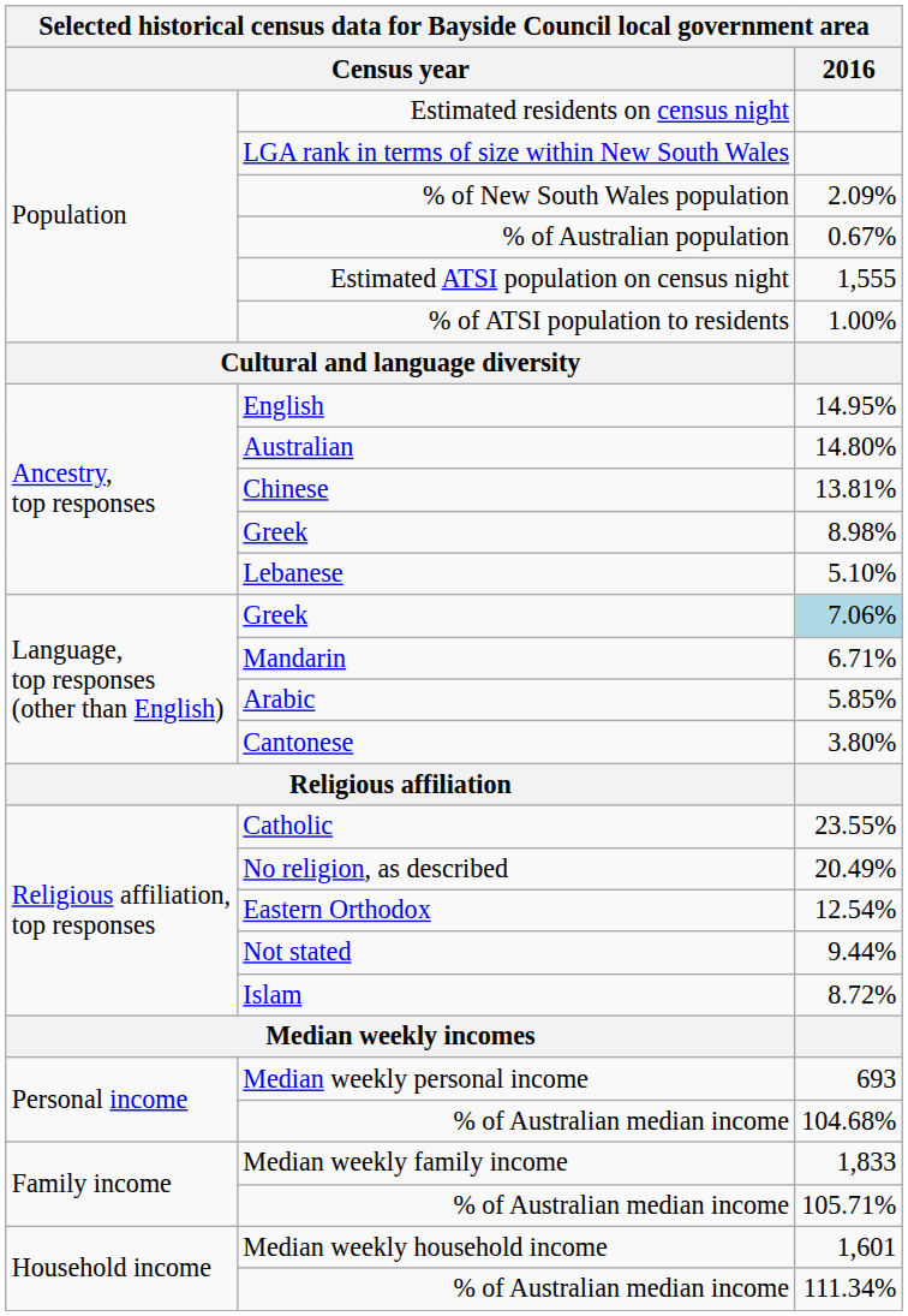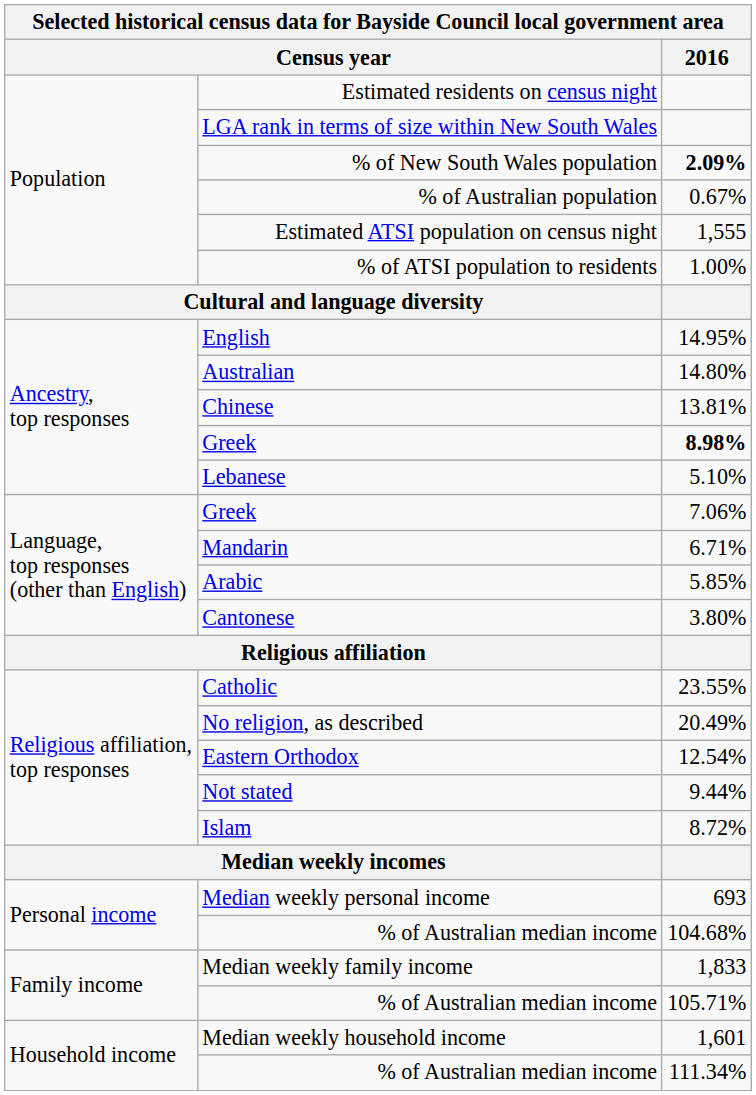 <table class="wikitable">
 <tr>
 <th colspan=6>Selected historical census data for Bayside Council local government area</th>
 </tr>
 <tr>
 <th colspan=3>Census year</th>
 <th>2016</th>
 </tr>
 <tr>
 <td rowspan=6 colspan="2">Population</td>
 <td align="right">Estimated residents on <a href='#'>census night</a></td>
 <td align="right"></td>
 </tr>
 <tr>
 <td align="right"><a href='#'>LGA rank in terms of size within New South Wales</a></td>
 <td align="right"></td>
 </tr>
 <tr>
 <td align="right">% of New South Wales population</td>
-<td align="right">2.09%</td>
+<td align="right"><strong>2.09%</strong></td>
 </tr>
 <tr>
 <td align="right">% of Australian population</td>
 <td align="right">0.67%</td>
 </tr>
 <tr>
 <td align="right">Estimated <a href='#'>ATSI</a> population on census night</td>
 <td align="right">1,555</td>
 </tr>
 <tr>
 <td align="right">% of ATSI population to residents</td>
 <td align="right">1.00%</td>
 </tr>
 <tr>
 <th colspan=3>Cultural and language diversity</th>
 <th></th>
 </tr>
 <tr>
 <td rowspan=5 colspan=2><a href='#'>Ancestry</a>,<br>top responses</td>
 <td><a href='#'>English</a></td>
 <td align="right">14.95%</td>
 </tr>
 <tr>
 <td><a href='#'>Australian</a></td>
 <td align="right">14.80%</td>
 </tr>
 <tr>
 <td><a href='#'>Chinese</a></td>
 <td align="right">13.81%</td>
 </tr>
 <tr>
 <td><a href='#'>Greek</a></td>
-<td align="right">8.98%</td>
+<td align="right"><strong>8.98%</strong></td>
 </tr>
 <tr>
 <td><a href='#'>Lebanese</a></td>
 <td align="right">5.10%</td>
 </tr>
 <tr>
 <td rowspan=4 colspan=2>Language,<br>top responses<br>(other than <a href='#'>English</a>)</td>
 <td><a href='#'>Greek</a></td>
-<td align="right" style="background: lightblue;">7.06%</td>
+<td align="right">7.06%</td>
 </tr>
 <tr>
 <td><a href='#'>Mandarin</a></td>
 <td align="right">6.71%</td>
 </tr>
 <tr>
 <td><a href='#'>Arabic</a></td>
 <td align="right">5.85%</td>
 </tr>
 <tr>
 <td><a href='#'>Cantonese</a></td>
 <td align="right">3.80%</td>
 </tr>
 <tr>
 <th colspan=3>Religious affiliation</th>
 <th></th>
 </tr>
 <tr>
 <td rowspan=5 colspan=2><a href='#'>Religious</a> affiliation,<br>top responses</td>
 <td><a href='#'>Catholic</a></td>
 <td align="right">23.55%</td>
 </tr>
 <tr>
 <td><a href='#'>No religion</a>, as described</td>
 <td align="right">20.49%</td>
 </tr>
 <tr>
 <td><a href='#'>Eastern Orthodox</a></td>
 <td align="right">12.54%</td>
 </tr>
 <tr>
 <td><a href='#'>Not stated</a></td>
 <td align="right">9.44%</td>
 </tr>
 <tr>
 <td><a href='#'>Islam</a></td>
 <td align="right">8.72%</td>
 </tr>
 <tr>
 <th colspan=3>Median weekly incomes</th>
 <th></th>
 </tr>
 <tr>
 <td rowspan=2 colspan=2>Personal <a href='#'>income</a></td>
 <td><a href='#'>Median</a> weekly personal income</td>
 <td align="right">693</td>
 </tr>
 <tr>
 <td align="right">% of Australian median income</td>
 <td align="right">104.68%</td>
 </tr>
 <tr>
 <td rowspan=2 colspan=2>Family income</td>
 <td>Median weekly family income</td>
 <td align="right">1,833</td>
 </tr>
 <tr>
 <td align="right">% of Australian median income</td>
 <td align="right">105.71%</td>
 </tr>
 <tr>
 <td rowspan=2 colspan=2>Household income</td>
 <td>Median weekly household income</td>
 <td align="right">1,601</td>
 </tr>
 <tr>
 <td align="right">% of Australian median income</td>
 <td align="right">111.34%</td>
 </tr>
 <tr>
 </tr>
 </table>
